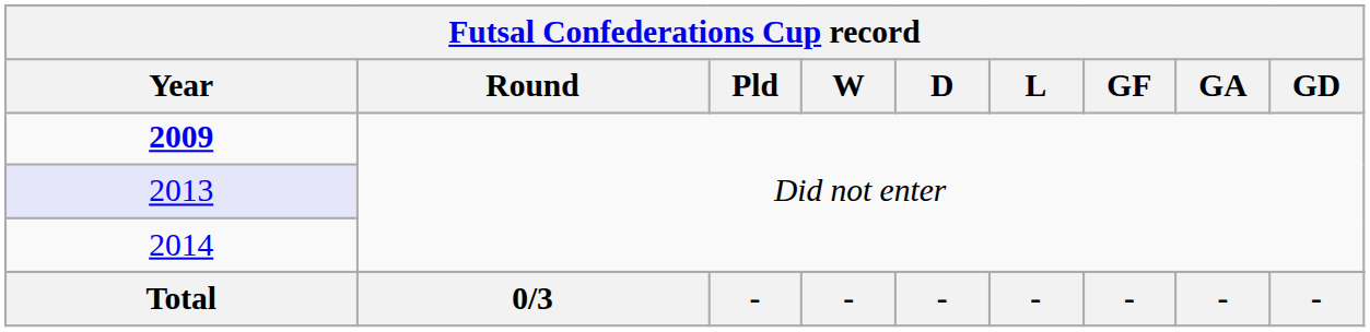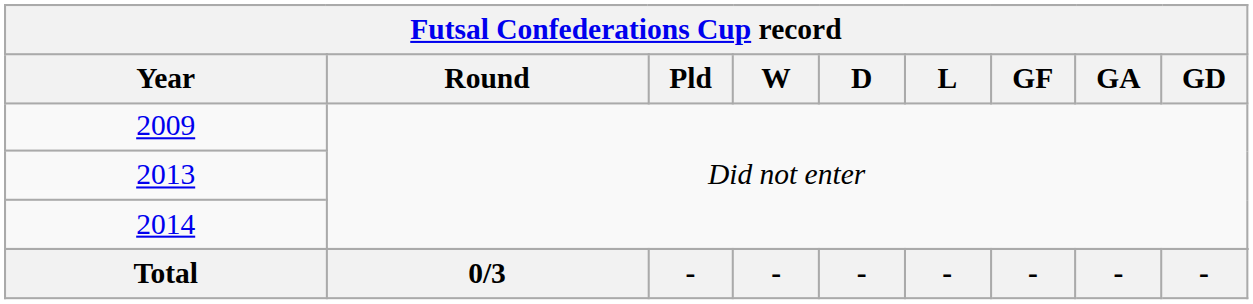 <table class="wikitable" style="text-align: center;font-size:90%;">
 <tr>
 <th colspan=9><a href='#'>Futsal Confederations Cup</a> record</th>
 </tr>
 <tr>
 <th width=150>Year</th>
 <th width=150>Round</th>
 <th width=35>Pld</th>
 <th width=35>W</th>
 <th width=35>D</th>
 <th width=35>L</th>
 <th width=35>GF</th>
 <th width=35>GA</th>
 <th width=35>GD</th>
 </tr>
 <tr>
-<td><strong> <a href='#'>2009</a></strong></td>
+<td> <a href='#'>2009</a></td>
 <td colspan=8 rowspan=3><em>Did not enter</em></td>
 </tr>
 <tr>
-<td style="background: lavender;"> <a href='#'>2013</a></td>
+<td> <a href='#'>2013</a></td>
 </tr>
 <tr>
 <td> <a href='#'>2014</a></td>
 </tr>
 <tr>
 </tr>
 <tr>
 </tr>
 <tr>
 </tr>
 <tr>
 </tr>
 <tr>
 </tr>
 <tr>
 </tr>
 <tr>
 <th><strong>Total</strong></th>
 <th>0/3</th>
 <th>-</th>
 <th>-</th>
 <th>-</th>
 <th>-</th>
 <th>-</th>
 <th>-</th>
 <th>-</th>
 </tr>
 </table>
